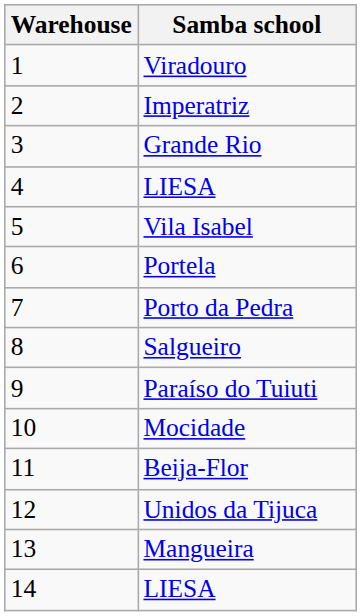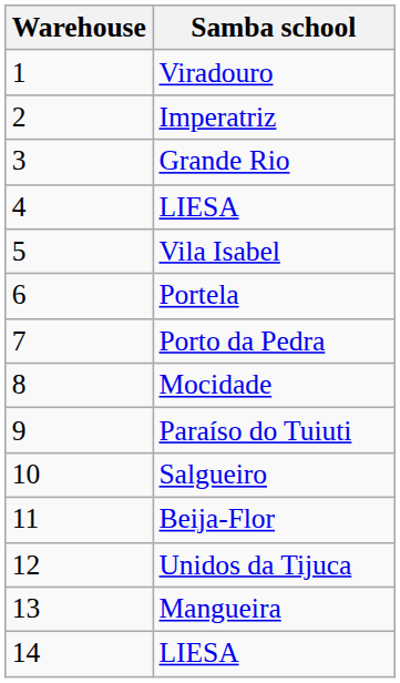 <table class=wikitable>
 <tr>
 <th width="10">Warehouse</th>
 <th width="130">Samba school</th>
 </tr>
 <tr>
 <td>1</td>
 <td><a href='#'>Viradouro</a></td>
 </tr>
 <tr>
 <td>2</td>
 <td><a href='#'>Imperatriz</a></td>
 </tr>
 <tr>
 <td>3</td>
 <td><a href='#'>Grande Rio</a></td>
 </tr>
 <tr>
 <td>4</td>
 <td><a href='#'>LIESA</a></td>
 </tr>
 <tr>
 <td>5</td>
 <td><a href='#'>Vila Isabel</a></td>
 </tr>
 <tr>
 <td>6</td>
 <td><a href='#'>Portela</a></td>
 </tr>
 <tr>
 <td>7</td>
 <td><a href='#'>Porto da Pedra</a></td>
 </tr>
 <tr>
 <td>8</td>
-<td><a href='#'>Salgueiro</a></td>
+<td><a href='#'>Mocidade</a></td>
 </tr>
 <tr>
 <td>9</td>
 <td><a href='#'>Paraíso do Tuiuti</a></td>
 </tr>
 <tr>
 <td>10</td>
-<td><a href='#'>Mocidade</a></td>
+<td><a href='#'>Salgueiro</a></td>
 </tr>
 <tr>
 <td>11</td>
 <td><a href='#'>Beija-Flor</a></td>
 </tr>
 <tr>
 <td>12</td>
 <td><a href='#'>Unidos da Tijuca</a></td>
 </tr>
 <tr>
 <td>13</td>
 <td><a href='#'>Mangueira</a></td>
 </tr>
 <tr>
 <td>14</td>
 <td><a href='#'>LIESA</a></td>
 </tr>
 </table>
